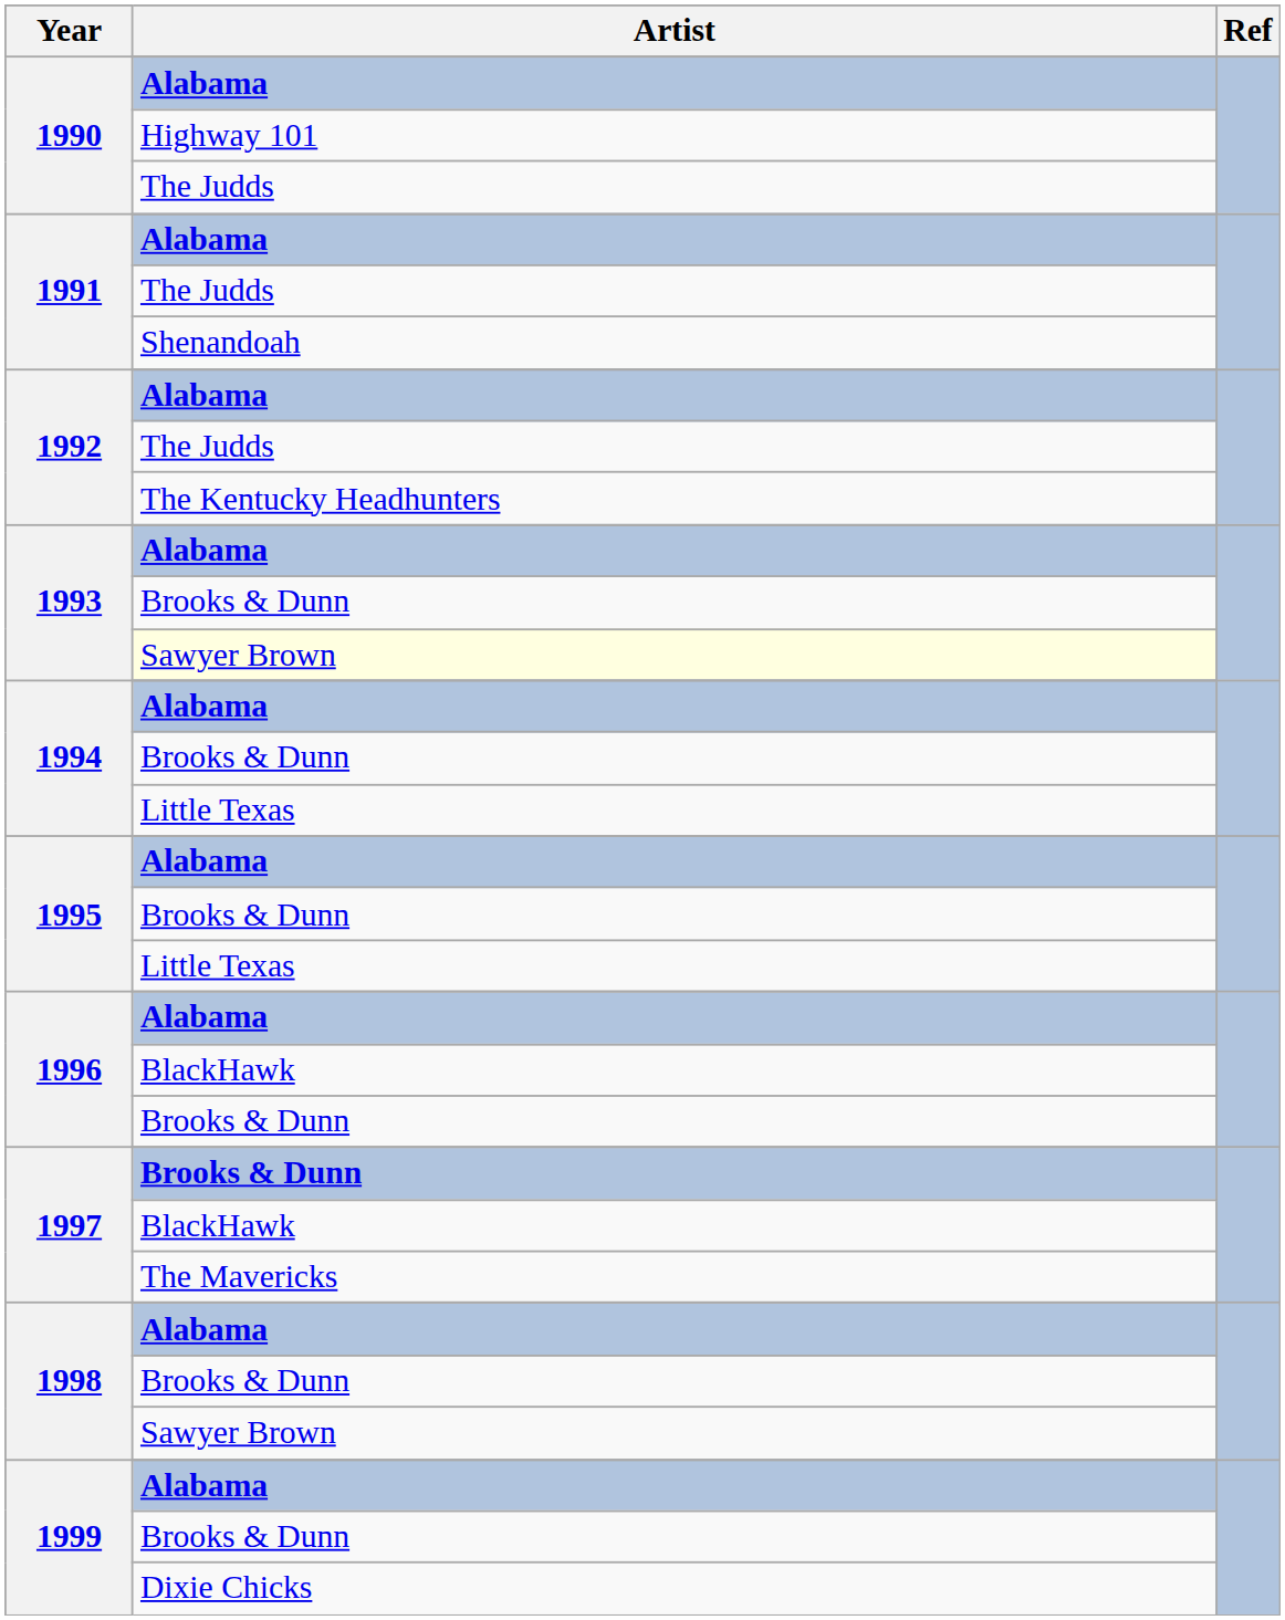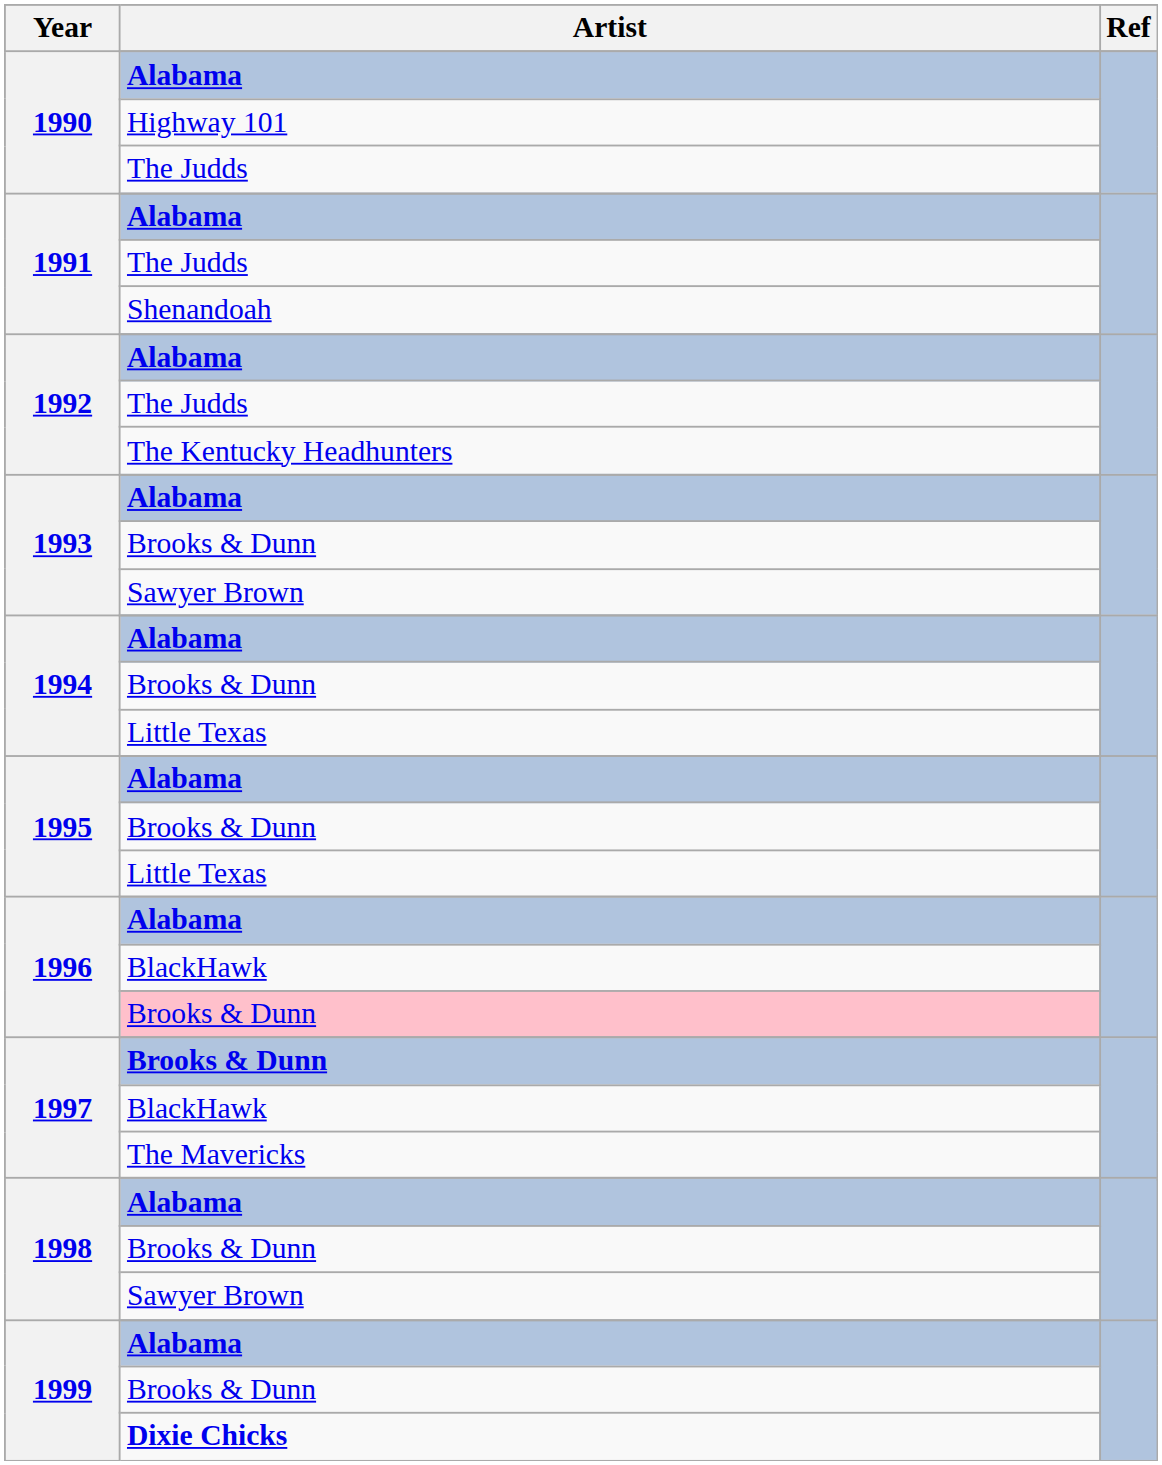 <table class="wikitable" width="100%">
 <tr>
 <th width="10%">Year</th>
 <th width="85%">Artist</th>
 <th width="5%">Ref</th>
 </tr>
 <tr>
 <th rowspan="4" align="center"><a href='#'>1990<br></a></th>
 </tr>
 <tr style="background:#B0C4DE">
 <td><strong><a href='#'>Alabama</a></strong></td>
 <td rowspan="4" align="center"></td>
 </tr>
 <tr>
 <td><a href='#'>Highway 101</a></td>
 </tr>
 <tr>
 <td><a href='#'>The Judds</a></td>
 </tr>
 <tr>
 <th rowspan="4" align="center"><a href='#'>1991<br></a></th>
 </tr>
 <tr style="background:#B0C4DE">
 <td><strong><a href='#'>Alabama</a></strong></td>
 <td rowspan="4" align="center"></td>
 </tr>
 <tr>
 <td><a href='#'>The Judds</a></td>
 </tr>
 <tr>
 <td><a href='#'>Shenandoah</a></td>
 </tr>
 <tr>
 <th rowspan="4" align="center"><a href='#'>1992<br></a></th>
 </tr>
 <tr style="background:#B0C4DE">
 <td><strong><a href='#'>Alabama</a></strong></td>
 <td rowspan="4" align="center"></td>
 </tr>
 <tr>
 <td><a href='#'>The Judds</a></td>
 </tr>
 <tr>
 <td><a href='#'>The Kentucky Headhunters</a></td>
 </tr>
 <tr>
 <th rowspan="4" align="center"><a href='#'>1993<br></a></th>
 </tr>
 <tr style="background:#B0C4DE">
 <td><strong><a href='#'>Alabama</a></strong></td>
 <td rowspan="4" align="center"></td>
 </tr>
 <tr>
 <td><a href='#'>Brooks & Dunn</a></td>
 </tr>
 <tr>
-<td style="background: lightyellow;"><a href='#'>Sawyer Brown</a></td>
+<td><a href='#'>Sawyer Brown</a></td>
 </tr>
 <tr>
 <th rowspan="4" align="center"><a href='#'>1994<br></a></th>
 </tr>
 <tr style="background:#B0C4DE">
 <td><strong><a href='#'>Alabama</a></strong></td>
 <td rowspan="4" align="center"></td>
 </tr>
 <tr>
 <td><a href='#'>Brooks & Dunn</a></td>
 </tr>
 <tr>
 <td><a href='#'>Little Texas</a></td>
 </tr>
 <tr>
 <th rowspan="4" align="center"><a href='#'>1995<br></a></th>
 </tr>
 <tr style="background:#B0C4DE">
 <td><strong><a href='#'>Alabama</a></strong></td>
 <td rowspan="4" align="center"></td>
 </tr>
 <tr>
 <td><a href='#'>Brooks & Dunn</a></td>
 </tr>
 <tr>
 <td><a href='#'>Little Texas</a></td>
 </tr>
 <tr>
 <th rowspan="4" align="center"><a href='#'>1996<br></a></th>
 </tr>
 <tr style="background:#B0C4DE">
 <td><strong><a href='#'>Alabama</a></strong></td>
 <td rowspan="4" align="center"></td>
 </tr>
 <tr>
 <td><a href='#'>BlackHawk</a></td>
 </tr>
 <tr>
-<td><a href='#'>Brooks & Dunn</a></td>
+<td style="background: pink;"><a href='#'>Brooks & Dunn</a></td>
 </tr>
 <tr>
 <th rowspan="4" align="center"><a href='#'>1997<br></a></th>
 </tr>
 <tr style="background:#B0C4DE">
 <td><strong><a href='#'>Brooks & Dunn</a></strong></td>
 <td rowspan="4" align="center"></td>
 </tr>
 <tr>
 <td><a href='#'>BlackHawk</a></td>
 </tr>
 <tr>
 <td><a href='#'>The Mavericks</a></td>
 </tr>
 <tr>
 <th rowspan="4" align="center"><a href='#'>1998<br></a></th>
 </tr>
 <tr style="background:#B0C4DE">
 <td><strong><a href='#'>Alabama</a></strong></td>
 <td rowspan="4" align="center"></td>
 </tr>
 <tr>
 <td><a href='#'>Brooks & Dunn</a></td>
 </tr>
 <tr>
 <td><a href='#'>Sawyer Brown</a></td>
 </tr>
 <tr>
 <th rowspan="4" align="center"><a href='#'>1999<br></a></th>
 </tr>
 <tr style="background:#B0C4DE">
 <td><strong><a href='#'>Alabama</a></strong></td>
 <td rowspan="4" align="center"></td>
 </tr>
 <tr>
 <td><a href='#'>Brooks & Dunn</a></td>
 </tr>
 <tr>
-<td><a href='#'>Dixie Chicks</a></td>
+<td><strong><a href='#'>Dixie Chicks</a></strong></td>
 </tr>
 </table>
